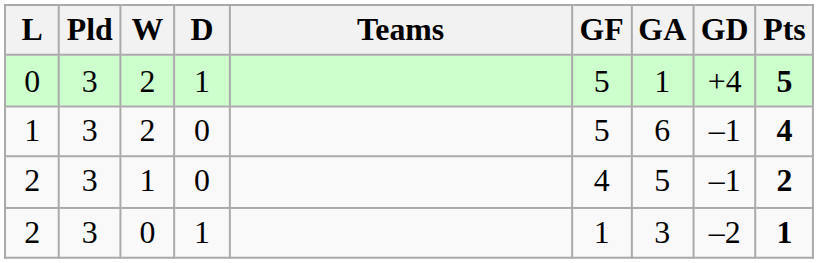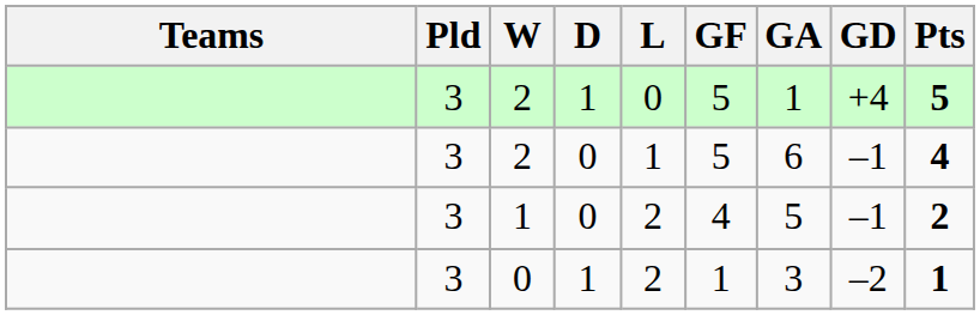 <table class="wikitable" style="text-align: center;">
 <tr>
-<th width=20>L</th>
+<th width=165>Teams</th>
 <th width=20>Pld</th>
 <th width=20>W</th>
 <th width=20>D</th>
-<th width=165>Teams</th>
+<th width=20>L</th>
 <th width=20>GF</th>
 <th width=20>GA</th>
 <th width=20>GD</th>
 <th width=20>Pts</th>
 </tr>
 <tr align=center style="background:#ccffcc;">
-<td>0</td>
+<td style="text-align:left;"></td>
 <td>3</td>
 <td>2</td>
 <td>1</td>
-<td style="text-align:left;"></td>
+<td>0</td>
 <td>5</td>
 <td>1</td>
 <td>+4</td>
 <td><strong>5</strong></td>
 </tr>
 <tr align=center>
-<td>1</td>
+<td style="text-align:left;"></td>
 <td>3</td>
 <td>2</td>
 <td>0</td>
-<td style="text-align:left;"></td>
+<td>1</td>
 <td>5</td>
 <td>6</td>
 <td>–1</td>
 <td><strong>4</strong></td>
 </tr>
 <tr align=center>
-<td>2</td>
+<td style="text-align:left;"></td>
 <td>3</td>
 <td>1</td>
 <td>0</td>
-<td style="text-align:left;"></td>
+<td>2</td>
 <td>4</td>
 <td>5</td>
 <td>–1</td>
 <td><strong>2</strong></td>
 </tr>
 <tr align=center>
-<td>2</td>
+<td style="text-align:left;"></td>
 <td>3</td>
 <td>0</td>
 <td>1</td>
-<td style="text-align:left;"></td>
+<td>2</td>
 <td>1</td>
 <td>3</td>
 <td>–2</td>
 <td><strong>1</strong></td>
 </tr>
 </table>
